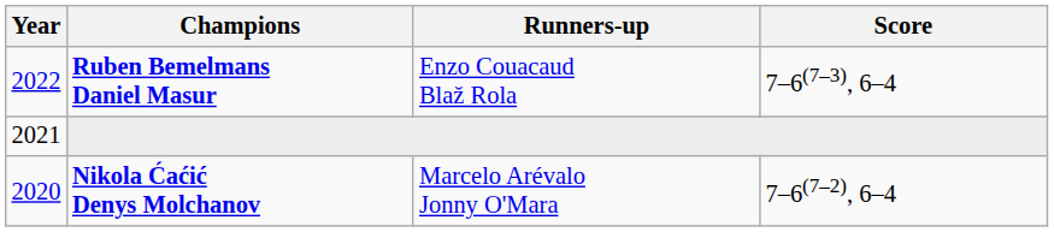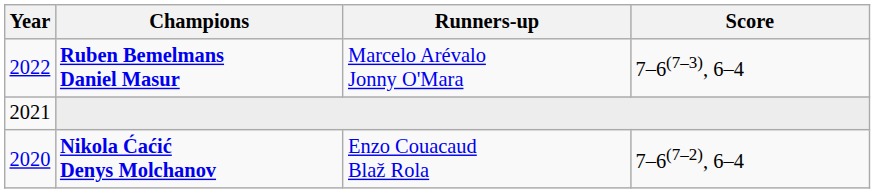 <table class="wikitable" style="font-size:90%">
 <tr>
 <th>Year</th>
 <th width="200">Champions</th>
 <th width="200">Runners-up</th>
 <th width="165">Score</th>
 </tr>
 <tr>
 <td><a href='#'>2022</a></td>
 <td> <strong><a href='#'>Ruben Bemelmans</a></strong><br> <strong><a href='#'>Daniel Masur</a></strong></td>
-<td> <a href='#'>Enzo Couacaud</a><br> <a href='#'>Blaž Rola</a></td>
+<td> <a href='#'>Marcelo Arévalo</a><br> <a href='#'>Jonny O'Mara</a></td>
 <td>7–6<sup>(7–3)</sup>, 6–4</td>
 </tr>
 <tr>
 <td>2021</td>
 <td colspan=3 bgcolor="#ededed"></td>
 </tr>
 <tr>
 <td><a href='#'>2020</a></td>
 <td> <strong><a href='#'>Nikola Ćaćić</a><br> <a href='#'>Denys Molchanov</a></strong></td>
-<td> <a href='#'>Marcelo Arévalo</a><br> <a href='#'>Jonny O'Mara</a></td>
+<td> <a href='#'>Enzo Couacaud</a><br> <a href='#'>Blaž Rola</a></td>
 <td>7–6<sup>(7–2)</sup>, 6–4</td>
 </tr>
 </table>
